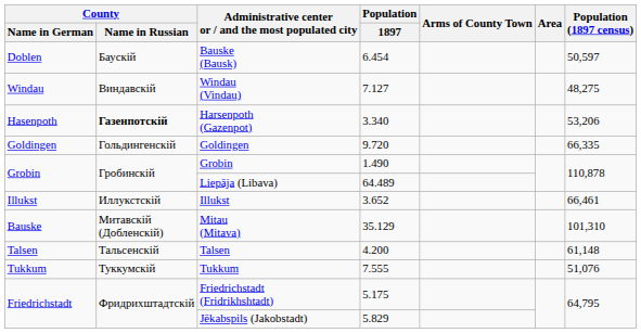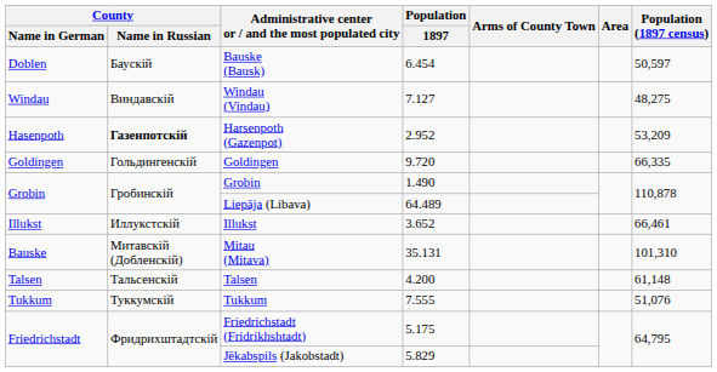 <table class="wikitable">
 <tr>
 <th colspan=2><a href='#'>County</a></th>
 <th rowspan=2>Administrative center<br>or / and  the most populated city</th>
 <th>Population</th>
 <th rowspan="2">Arms of County Town</th>
 <th rowspan=2>Area</th>
 <th rowspan=2>Population<br>(<a href='#'>1897 census</a>)</th>
 </tr>
 <tr>
 <th>Name in German</th>
 <th>Name in Russian</th>
 <th>1897</th>
 </tr>
 <tr>
 <td><a href='#'>Doblen</a></td>
 <td>Баускій</td>
 <td><a href='#'>Bauske<br>(Bausk)</a></td>
 <td>6.454</td>
 <td></td>
 <td></td>
 <td>50,597</td>
 </tr>
 <tr>
 <td><a href='#'>Windau</a></td>
 <td>Виндавскій</td>
 <td><a href='#'>Windau<br>(Vindau)</a></td>
 <td>7.127</td>
 <td></td>
 <td></td>
 <td>48,275</td>
 </tr>
 <tr>
 <td><a href='#'>Hasenpoth</a></td>
 <td><strong>Газенпотскій</strong></td>
 <td><a href='#'>Harsenpoth<br>(Gazenpot)</a></td>
-<td>3.340</td>
+<td>2.952</td>
 <td></td>
 <td></td>
-<td>53,206</td>
+<td>53,209</td>
 </tr>
 <tr>
 <td><a href='#'>Goldingen</a></td>
 <td>Гольдингенскій</td>
 <td><a href='#'>Goldingen</a></td>
 <td>9.720</td>
 <td></td>
 <td></td>
 <td>66,335</td>
 </tr>
 <tr>
 <td rowspan="2"><a href='#'>Grobin</a></td>
 <td rowspan="2">Гробинскій</td>
 <td><a href='#'>Grobin</a></td>
 <td>1.490</td>
 <td></td>
 <td rowspan="2"></td>
 <td rowspan="2">110,878</td>
 </tr>
 <tr>
 <td><a href='#'>Liepāja</a> (Libava)</td>
 <td>64.489</td>
 <td></td>
 </tr>
 <tr>
 <td><a href='#'>Illukst</a></td>
 <td>Иллукстскій</td>
 <td><a href='#'>Illukst</a></td>
 <td>3.652</td>
 <td></td>
 <td></td>
 <td>66,461</td>
 </tr>
 <tr>
 <td><a href='#'>Bauske</a></td>
 <td>Митавскій<br>(Добленскій)</td>
 <td><a href='#'>Mitau<br>(Mitava)</a></td>
-<td>35.129</td>
+<td>35.131</td>
 <td></td>
 <td></td>
 <td>101,310</td>
 </tr>
 <tr>
 <td><a href='#'>Talsen</a></td>
 <td>Тальсенскій</td>
 <td><a href='#'>Talsen</a></td>
 <td>4.200</td>
 <td></td>
 <td></td>
 <td>61,148</td>
 </tr>
 <tr>
 <td><a href='#'>Tukkum</a></td>
 <td>Туккумскій</td>
 <td><a href='#'>Tukkum</a></td>
 <td>7.555</td>
 <td></td>
 <td></td>
 <td>51,076</td>
 </tr>
 <tr>
 <td rowspan="2"><a href='#'>Friedrichstadt</a></td>
 <td rowspan="2">Фридрихштадтскій</td>
 <td><a href='#'>Friedrichstadt<br>(Fridrikhshtadt)</a></td>
 <td>5.175</td>
 <td></td>
 <td rowspan="2"></td>
 <td rowspan="2">64,795</td>
 </tr>
 <tr>
 <td><a href='#'>Jēkabspils</a> (Jakobstadt)</td>
 <td>5.829</td>
 <td></td>
 </tr>
 </table>
